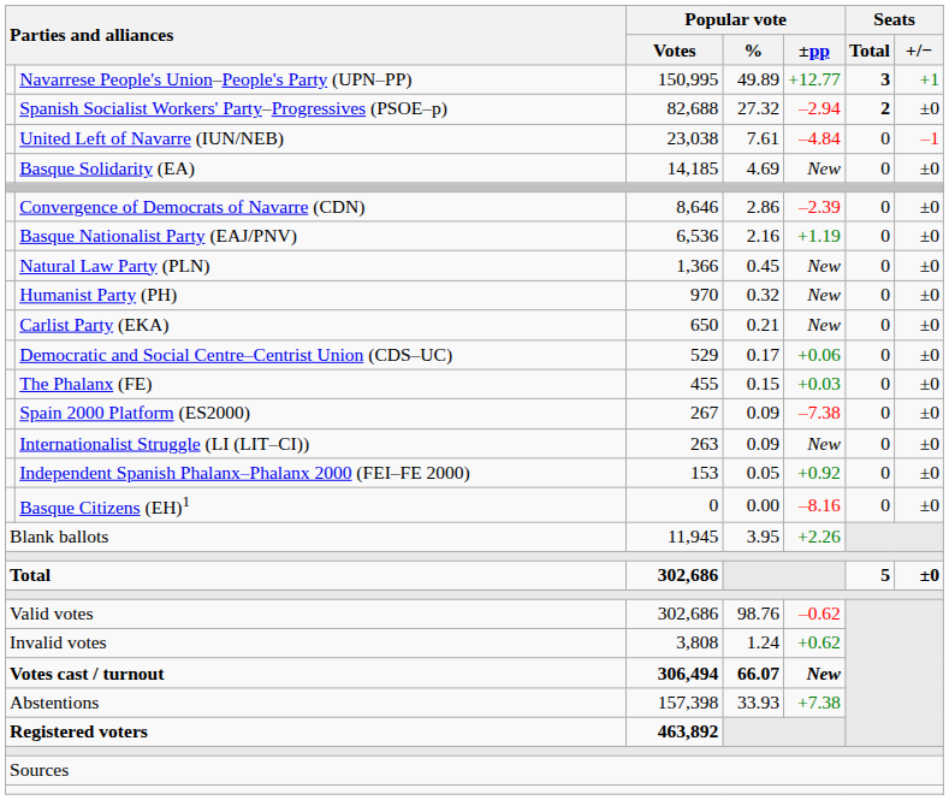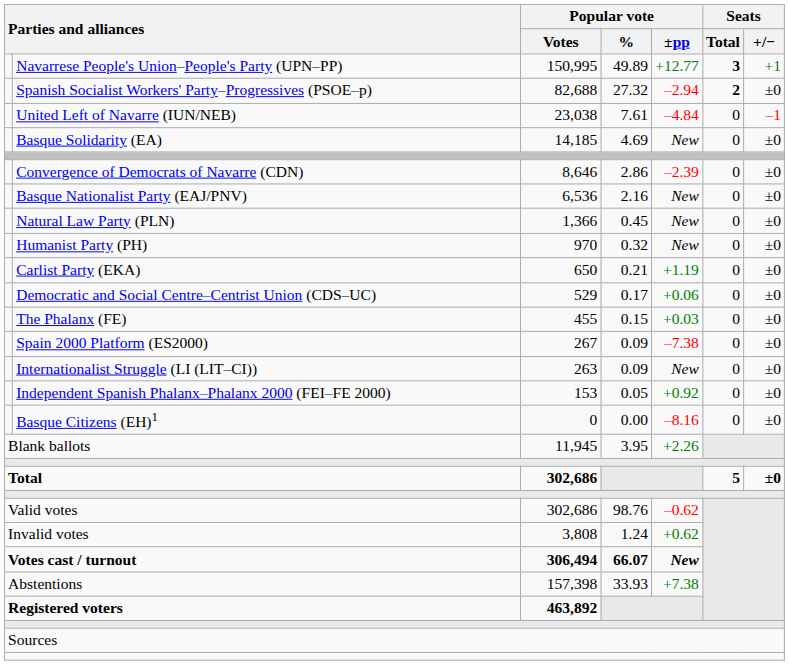 <table class="wikitable" style="text-align:right;">
 <tr>
 <th style="text-align:left;" rowspan="2" colspan="2" width="525">Parties and alliances</th>
 <th colspan="3">Popular vote</th>
 <th colspan="2">Seats</th>
 </tr>
 <tr>
 <th width="75">Votes</th>
 <th width="45">%</th>
 <th width="45">±<a href='#'>pp</a></th>
 <th width="35">Total</th>
 <th width="35">+/−</th>
 </tr>
 <tr>
 <td width="1" style="color:inherit;background:"></td>
 <td align="left"><a href='#'>Navarrese People's Union</a>–<a href='#'>People's Party</a> (UPN–PP)</td>
 <td>150,995</td>
 <td>49.89</td>
 <td style="color:green;">+12.77</td>
 <td><strong>3</strong></td>
 <td style="color:green;">+1</td>
 </tr>
 <tr>
 <td style="color:inherit;background:"></td>
 <td align="left"><a href='#'>Spanish Socialist Workers' Party</a>–<a href='#'>Progressives</a> (PSOE–p)</td>
 <td>82,688</td>
 <td>27.32</td>
 <td style="color:red;">–2.94</td>
 <td><strong>2</strong></td>
 <td>±0</td>
 </tr>
 <tr>
 <td style="color:inherit;background:"></td>
 <td align="left"><a href='#'>United Left of Navarre</a> (IUN/NEB)</td>
 <td>23,038</td>
 <td>7.61</td>
 <td style="color:red;">–4.84</td>
 <td>0</td>
 <td style="color:red;">–1</td>
 </tr>
 <tr>
 <td style="color:inherit;background:"></td>
 <td align="left"><a href='#'>Basque Solidarity</a> (EA)</td>
 <td>14,185</td>
 <td>4.69</td>
 <td><em>New</em></td>
 <td>0</td>
 <td>±0</td>
 </tr>
 <tr>
 <td colspan="7" bgcolor="#C0C0C0"></td>
 </tr>
 <tr>
 <td style="color:inherit;background:"></td>
 <td align="left"><a href='#'>Convergence of Democrats of Navarre</a> (CDN)</td>
 <td>8,646</td>
 <td>2.86</td>
 <td style="color:red;">–2.39</td>
 <td>0</td>
 <td>±0</td>
 </tr>
 <tr>
 <td style="color:inherit;background:"></td>
 <td align="left"><a href='#'>Basque Nationalist Party</a> (EAJ/PNV)</td>
 <td>6,536</td>
 <td>2.16</td>
-<td style="color:green;">+1.19</td>
+<td><em>New</em></td>
 <td>0</td>
 <td>±0</td>
 </tr>
 <tr>
 <td style="color:inherit;background:"></td>
 <td align="left"><a href='#'>Natural Law Party</a> (PLN)</td>
 <td>1,366</td>
 <td>0.45</td>
 <td><em>New</em></td>
 <td>0</td>
 <td>±0</td>
 </tr>
 <tr>
 <td style="color:inherit;background:"></td>
 <td align="left"><a href='#'>Humanist Party</a> (PH)</td>
 <td>970</td>
 <td>0.32</td>
 <td><em>New</em></td>
 <td>0</td>
 <td>±0</td>
 </tr>
 <tr>
 <td style="color:inherit;background:"></td>
 <td align="left"><a href='#'>Carlist Party</a> (EKA)</td>
 <td>650</td>
 <td>0.21</td>
-<td><em>New</em></td>
+<td style="color:green;">+1.19</td>
 <td>0</td>
 <td>±0</td>
 </tr>
 <tr>
 <td style="color:inherit;background:"></td>
 <td align="left"><a href='#'>Democratic and Social Centre–Centrist Union</a> (CDS–UC)</td>
 <td>529</td>
 <td>0.17</td>
 <td style="color:green;">+0.06</td>
 <td>0</td>
 <td>±0</td>
 </tr>
 <tr>
 <td style="color:inherit;background:"></td>
 <td align="left"><a href='#'>The Phalanx</a> (FE)</td>
 <td>455</td>
 <td>0.15</td>
 <td style="color:green;">+0.03</td>
 <td>0</td>
 <td>±0</td>
 </tr>
 <tr>
 <td style="color:inherit;background:"></td>
 <td align="left"><a href='#'>Spain 2000 Platform</a> (ES2000)</td>
 <td>267</td>
 <td>0.09</td>
 <td style="color:red;">–7.38</td>
 <td>0</td>
 <td>±0</td>
 </tr>
 <tr>
 <td style="color:inherit;background:"></td>
 <td align="left"><a href='#'>Internationalist Struggle</a> (LI (LIT–CI))</td>
 <td>263</td>
 <td>0.09</td>
 <td><em>New</em></td>
 <td>0</td>
 <td>±0</td>
 </tr>
 <tr>
 <td style="color:inherit;background:"></td>
 <td align="left"><a href='#'>Independent Spanish Phalanx–Phalanx 2000</a> (FEI–FE 2000)</td>
 <td>153</td>
 <td>0.05</td>
 <td style="color:green;">+0.92</td>
 <td>0</td>
 <td>±0</td>
 </tr>
 <tr>
 <td style="color:inherit;background:"></td>
 <td align="left"><a href='#'>Basque Citizens</a> (EH)<sup>1</sup></td>
 <td>0</td>
 <td>0.00</td>
 <td style="color:red;">–8.16</td>
 <td>0</td>
 <td>±0</td>
 </tr>
 <tr>
 <td align="left" colspan="2">Blank ballots</td>
 <td>11,945</td>
 <td>3.95</td>
 <td style="color:green;">+2.26</td>
 <td bgcolor="#E9E9E9" colspan="2"></td>
 </tr>
 <tr>
 <td colspan="7" bgcolor="#E9E9E9"></td>
 </tr>
 <tr style="font-weight:bold;">
 <td align="left" colspan="2">Total</td>
 <td>302,686</td>
 <td bgcolor="#E9E9E9" colspan="2"></td>
 <td>5</td>
 <td>±0</td>
 </tr>
 <tr>
 <td colspan="7" bgcolor="#E9E9E9"></td>
 </tr>
 <tr>
 <td align="left" colspan="2">Valid votes</td>
 <td>302,686</td>
 <td>98.76</td>
 <td style="color:red;">–0.62</td>
 <td bgcolor="#E9E9E9" colspan="2" rowspan="5"></td>
 </tr>
 <tr>
 <td align="left" colspan="2">Invalid votes</td>
 <td>3,808</td>
 <td>1.24</td>
 <td style="color:green;">+0.62</td>
 </tr>
 <tr style="font-weight:bold;">
 <td align="left" colspan="2">Votes cast / turnout</td>
 <td>306,494</td>
 <td>66.07</td>
 <td><em>New</em></td>
 </tr>
 <tr>
 <td align="left" colspan="2">Abstentions</td>
 <td>157,398</td>
 <td>33.93</td>
 <td style="color:green;">+7.38</td>
 </tr>
 <tr style="font-weight:bold;">
 <td align="left" colspan="2">Registered voters</td>
 <td>463,892</td>
 <td bgcolor="#E9E9E9" colspan="2"></td>
 </tr>
 <tr>
 <td colspan="7" bgcolor="#E9E9E9"></td>
 </tr>
 <tr>
 <td align="left" colspan="7">Sources</td>
 </tr>
 <tr>
 <td colspan="7" style="text-align:left; max-width:790px;"></td>
 </tr>
 </table>
